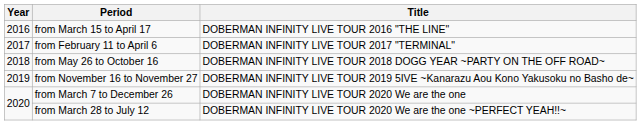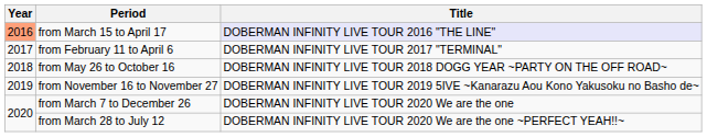 <table class="wikitable">
 <tr>
 <th>Year</th>
 <th>Period</th>
 <th>Title</th>
 </tr>
 <tr>
-<td>2016</td>
+<td style="background: lightsalmon;">2016</td>
 <td>from March 15 to April 17</td>
-<td>DOBERMAN INFINITY LIVE TOUR 2016 "THE LINE"</td>
+<td style="background: lavender;">DOBERMAN INFINITY LIVE TOUR 2016 "THE LINE"</td>
 </tr>
 <tr>
 <td>2017</td>
 <td>from February 11 to April 6</td>
 <td>DOBERMAN INFINITY LIVE TOUR 2017 "TERMINAL"</td>
 </tr>
 <tr>
 <td>2018</td>
 <td>from May 26 to October 16</td>
 <td>DOBERMAN INFINITY LIVE TOUR 2018 DOGG YEAR ~PARTY ON THE OFF ROAD~</td>
 </tr>
 <tr>
 <td>2019</td>
 <td>from November 16 to November 27</td>
 <td>DOBERMAN INFINITY LIVE TOUR 2019 5IVE ~Kanarazu Aou Kono Yakusoku no Basho de~</td>
 </tr>
 <tr>
 <td rowspan="2">2020</td>
 <td>from March 7 to December 26</td>
 <td>DOBERMAN INFINITY LIVE TOUR 2020 We are the one</td>
 </tr>
 <tr>
 <td>from March 28 to July 12</td>
 <td>DOBERMAN INFINITY LIVE TOUR 2020 We are the one ~PERFECT YEAH!!~</td>
 </tr>
 </table>
